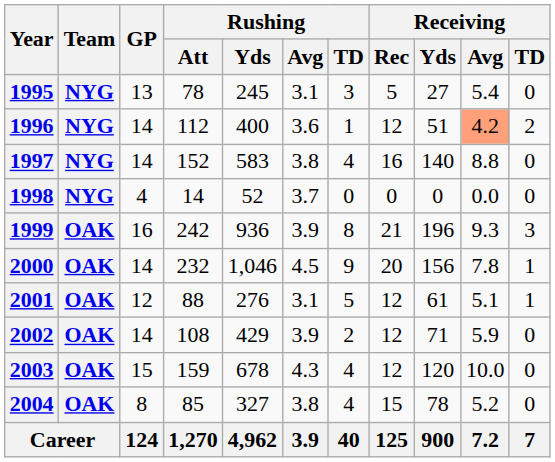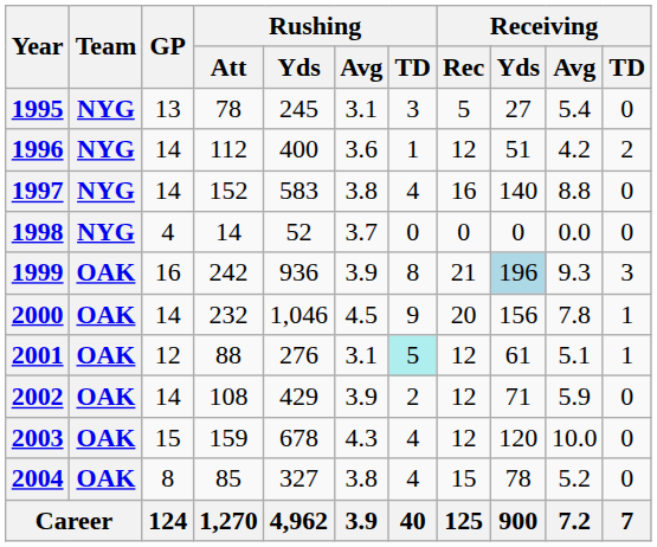 <table class="wikitable" style="text-align:center;">
 <tr>
 <th rowspan="2">Year</th>
 <th rowspan="2">Team</th>
 <th rowspan="2">GP</th>
 <th colspan="4">Rushing</th>
 <th colspan="4">Receiving</th>
 </tr>
 <tr>
 <th>Att</th>
 <th>Yds</th>
 <th>Avg</th>
 <th>TD</th>
 <th>Rec</th>
 <th>Yds</th>
 <th>Avg</th>
 <th>TD</th>
 </tr>
 <tr>
 <th><a href='#'>1995</a></th>
 <th><a href='#'>NYG</a></th>
 <td>13</td>
 <td>78</td>
 <td>245</td>
 <td>3.1</td>
 <td>3</td>
 <td>5</td>
 <td>27</td>
 <td>5.4</td>
 <td>0</td>
 </tr>
 <tr>
 <th><a href='#'>1996</a></th>
 <th><a href='#'>NYG</a></th>
 <td>14</td>
 <td>112</td>
 <td>400</td>
 <td>3.6</td>
 <td>1</td>
 <td>12</td>
 <td>51</td>
-<td style="background: lightsalmon;">4.2</td>
+<td>4.2</td>
 <td>2</td>
 </tr>
 <tr>
 <th><a href='#'>1997</a></th>
 <th><a href='#'>NYG</a></th>
 <td>14</td>
 <td>152</td>
 <td>583</td>
 <td>3.8</td>
 <td>4</td>
 <td>16</td>
 <td>140</td>
 <td>8.8</td>
 <td>0</td>
 </tr>
 <tr>
 <th><a href='#'>1998</a></th>
 <th><a href='#'>NYG</a></th>
 <td>4</td>
 <td>14</td>
 <td>52</td>
 <td>3.7</td>
 <td>0</td>
 <td>0</td>
 <td>0</td>
 <td>0.0</td>
 <td>0</td>
 </tr>
 <tr>
 <th><a href='#'>1999</a></th>
 <th><a href='#'>OAK</a></th>
 <td>16</td>
 <td>242</td>
 <td>936</td>
 <td>3.9</td>
 <td>8</td>
 <td>21</td>
-<td>196</td>
+<td style="background: lightblue;">196</td>
 <td>9.3</td>
 <td>3</td>
 </tr>
 <tr>
 <th><a href='#'>2000</a></th>
 <th><a href='#'>OAK</a></th>
 <td>14</td>
 <td>232</td>
 <td>1,046</td>
 <td>4.5</td>
 <td>9</td>
 <td>20</td>
 <td>156</td>
 <td>7.8</td>
 <td>1</td>
 </tr>
 <tr>
 <th><a href='#'>2001</a></th>
 <th><a href='#'>OAK</a></th>
 <td>12</td>
 <td>88</td>
 <td>276</td>
 <td>3.1</td>
-<td>5</td>
+<td style="background: paleturquoise;">5</td>
 <td>12</td>
 <td>61</td>
 <td>5.1</td>
 <td>1</td>
 </tr>
 <tr>
 <th><a href='#'>2002</a></th>
 <th><a href='#'>OAK</a></th>
 <td>14</td>
 <td>108</td>
 <td>429</td>
 <td>3.9</td>
 <td>2</td>
 <td>12</td>
 <td>71</td>
 <td>5.9</td>
 <td>0</td>
 </tr>
 <tr>
 <th><a href='#'>2003</a></th>
 <th><a href='#'>OAK</a></th>
 <td>15</td>
 <td>159</td>
 <td>678</td>
 <td>4.3</td>
 <td>4</td>
 <td>12</td>
 <td>120</td>
 <td>10.0</td>
 <td>0</td>
 </tr>
 <tr>
 <th><a href='#'>2004</a></th>
 <th><a href='#'>OAK</a></th>
 <td>8</td>
 <td>85</td>
 <td>327</td>
 <td>3.8</td>
 <td>4</td>
 <td>15</td>
 <td>78</td>
 <td>5.2</td>
 <td>0</td>
 </tr>
 <tr>
 <th colspan="2">Career</th>
 <th>124</th>
 <th>1,270</th>
 <th>4,962</th>
 <th>3.9</th>
 <th>40</th>
 <th>125</th>
 <th>900</th>
 <th>7.2</th>
 <th>7</th>
 </tr>
 </table>
